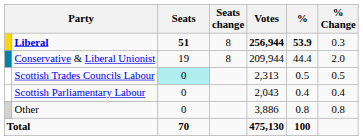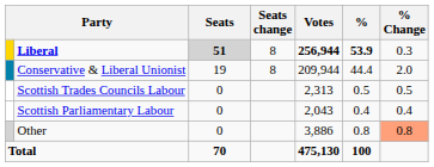 <table class="wikitable sortable">
 <tr>
 <th style="width:100px" colspan=2>Party</th>
 <th style="width:70px;">Seats</th>
 <th style="width:40px;">Seats change</th>
 <th style="width:40px;">Votes</th>
 <th style="width:40px;">%</th>
 <th style="width:40px;">% Change</th>
 </tr>
 <tr>
 <td bgcolor="#FFD700"></td>
 <td><strong><a href='#'>Liberal</a></strong></td>
-<td align=center><strong>51</strong></td>
+<td align=center style="background: lightgrey;"><strong>51</strong></td>
 <td align=center> 8</td>
 <td align=center><strong>256,944</strong></td>
 <td align=center><strong>53.9</strong></td>
 <td align=center> 0.3</td>
 </tr>
 <tr>
 <td bgcolor="#0281AA"></td>
 <td><a href='#'>Conservative</a> & <a href='#'>Liberal Unionist</a></td>
 <td align=center>19</td>
 <td align=center> 8</td>
 <td align=center>209,944</td>
 <td align=center>44.4</td>
 <td align=center> 2.0</td>
 </tr>
 <tr>
 <td bgcolor="#FFFFFF"></td>
 <td><a href='#'>Scottish Trades Councils Labour</a></td>
-<td align=center style="background: paleturquoise;">0</td>
+<td align=center>0</td>
 <td align=center></td>
 <td align=center>2,313</td>
 <td align=center>0.5</td>
 <td align=center> 0.5</td>
 </tr>
 <tr>
 <td bgcolor="#FFFFFF"></td>
 <td><a href='#'>Scottish Parliamentary Labour</a></td>
 <td align=center>0</td>
 <td align=center></td>
 <td align=center>2,043</td>
 <td align=center>0.4</td>
 <td align=center> 0.4</td>
 </tr>
 <tr>
 <td style="background-color:#D3D3D3"> </td>
 <td>Other</td>
 <td align="center">0</td>
 <td align="center"></td>
 <td align="center">3,886</td>
 <td align="center">0.8</td>
-<td align="center"> 0.8</td>
+<td align="center" style="background: lightsalmon;"> 0.8</td>
 </tr>
 <tr>
 <td colspan=2><strong>Total</strong></td>
 <td align=center><strong>70</strong></td>
 <td align=center></td>
 <td align=center><strong>475,130</strong></td>
 <td align=center><strong>100</strong></td>
 <td align=center></td>
 </tr>
 </table>
